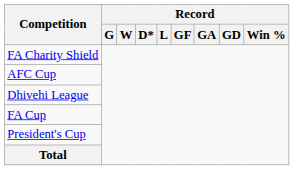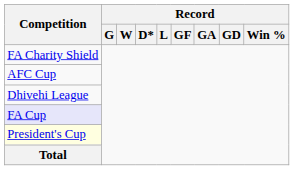 <table class="wikitable" style="text-align: center">
 <tr>
 <th rowspan="2">Competition</th>
 <th colspan="9">Record</th>
 </tr>
 <tr>
 <th>G</th>
 <th>W</th>
 <th>D*</th>
 <th>L</th>
 <th>GF</th>
 <th>GA</th>
 <th>GD</th>
 <th>Win %</th>
 </tr>
 <tr>
 <td style="text-align: left"><a href='#'>FA Charity Shield</a><br></td>
 </tr>
 <tr>
 <td style="text-align: left"><a href='#'>AFC Cup</a><br></td>
 </tr>
 <tr>
 <td style="text-align: left"><a href='#'>Dhivehi League</a><br></td>
 </tr>
 <tr>
-<td style="text-align: left"><a href='#'>FA Cup</a><br></td>
+<td style="background: lavender; text-align: left"><a href='#'>FA Cup</a><br></td>
 </tr>
 <tr>
-<td style="text-align: left"><a href='#'>President's Cup</a><br></td>
+<td style="background: lightyellow; text-align: left"><a href='#'>President's Cup</a><br></td>
 </tr>
 <tr>
 <th>Total<br></th>
 </tr>
 </table>
